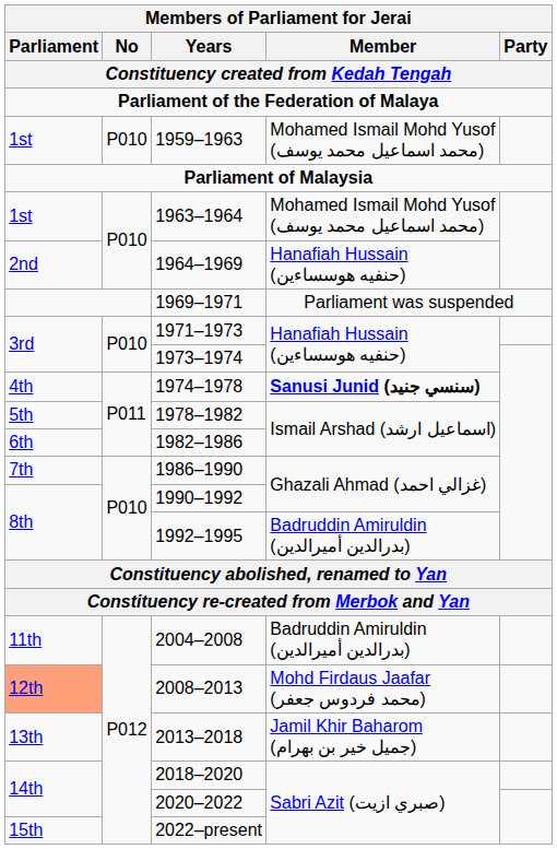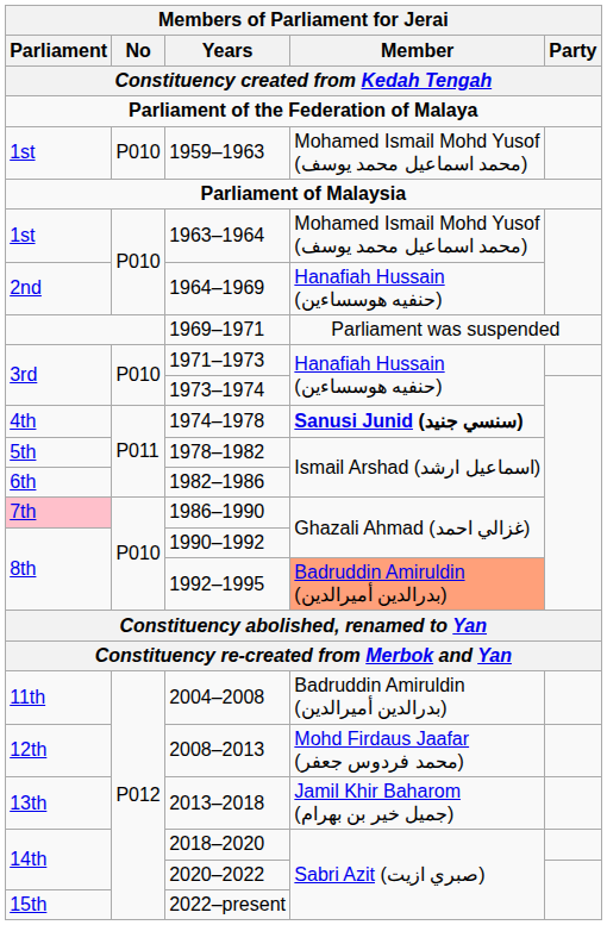 <table class=wikitable>
 <tr>
 <th colspan="5">Members of Parliament for Jerai</th>
 </tr>
 <tr>
 <th>Parliament</th>
 <th>No</th>
 <th>Years</th>
 <th>Member</th>
 <th>Party</th>
 </tr>
 <tr>
 <th colspan="5" align="center"><em>Constituency created from <a href='#'>Kedah Tengah</a></em></th>
 </tr>
 <tr>
 <td colspan="5" align="center"><strong>Parliament of the Federation of Malaya</strong></td>
 </tr>
 <tr>
 <td><a href='#'>1st</a></td>
 <td>P010</td>
 <td>1959–1963</td>
 <td>Mohamed Ismail Mohd Yusof <br>  (محمد اسماعيل محمد يوسف)</td>
 <td></td>
 </tr>
 <tr>
 <td colspan="5" align="center"><strong>Parliament of Malaysia</strong></td>
 </tr>
 <tr>
 <td><a href='#'>1st</a></td>
 <td rowspan="2">P010</td>
 <td>1963–1964</td>
 <td>Mohamed Ismail Mohd Yusof <br>  (محمد اسماعيل محمد يوسف)</td>
 <td rowspan=2></td>
 </tr>
 <tr>
 <td><a href='#'>2nd</a></td>
 <td>1964–1969</td>
 <td><a href='#'>Hanafiah Hussain</a> <br>  (حنفيه هوسساءين)</td>
 </tr>
 <tr>
 <td colspan="2"></td>
 <td>1969–1971</td>
 <td colspan=2 align=center>Parliament was suspended</td>
 </tr>
 <tr>
 <td rowspan=2><a href='#'>3rd</a></td>
 <td rowspan="2">P010</td>
 <td>1971–1973</td>
 <td rowspan=2><a href='#'>Hanafiah Hussain</a> <br>  (حنفيه هوسساءين)</td>
 <td></td>
 </tr>
 <tr>
 <td>1973–1974</td>
 <td rowspan=7></td>
 </tr>
 <tr>
 <td><a href='#'>4th</a></td>
 <td rowspan="3">P011</td>
 <td>1974–1978</td>
 <td><strong><a href='#'>Sanusi Junid</a>  (سنسي جنيد)</strong></td>
 </tr>
 <tr>
 <td><a href='#'>5th</a></td>
 <td>1978–1982</td>
 <td rowspan=2>Ismail Arshad (اسماعيل ارشد)</td>
 </tr>
 <tr>
 <td><a href='#'>6th</a></td>
 <td>1982–1986</td>
 </tr>
 <tr>
-<td><a href='#'>7th</a></td>
+<td style="background: pink;"><a href='#'>7th</a></td>
 <td rowspan="3">P010</td>
 <td>1986–1990</td>
 <td rowspan=2>Ghazali Ahmad (غزالي احمد)</td>
 </tr>
 <tr>
 <td rowspan=2><a href='#'>8th</a></td>
 <td>1990–1992</td>
 </tr>
 <tr>
 <td>1992–1995</td>
-<td><a href='#'>Badruddin Amiruldin</a> <br>  (بدرالدين أميرالدين)</td>
+<td style="background: lightsalmon;"><a href='#'>Badruddin Amiruldin</a> <br>  (بدرالدين أميرالدين)</td>
 </tr>
 <tr>
 <th colspan="5" align="center"><em>Constituency abolished, renamed to <a href='#'>Yan</a></em></th>
 </tr>
 <tr>
 <th colspan="5" align="center"><em>Constituency re-created from <a href='#'>Merbok</a> and <a href='#'>Yan</a></em></th>
 </tr>
 <tr>
 <td><a href='#'>11th</a></td>
 <td rowspan="6">P012</td>
 <td>2004–2008</td>
 <td>Badruddin Amiruldin <br>  (بدرالدين أميرالدين)</td>
 <td></td>
 </tr>
 <tr>
-<td style="background: lightsalmon;"><a href='#'>12th</a></td>
+<td><a href='#'>12th</a></td>
 <td>2008–2013</td>
 <td><a href='#'>Mohd Firdaus Jaafar</a> <br>  (محمد فردوس جعفر)</td>
 <td></td>
 </tr>
 <tr>
 <td><a href='#'>13th</a></td>
 <td>2013–2018</td>
 <td><a href='#'>Jamil Khir Baharom</a> <br>  (جميل خير بن بهرام)</td>
 <td></td>
 </tr>
 <tr>
 <td rowspan=2><a href='#'>14th</a></td>
 <td>2018–2020</td>
 <td rowspan=3><a href='#'>Sabri Azit</a> (صبري ازيت)</td>
 <td></td>
 </tr>
 <tr>
 <td>2020–2022</td>
 <td rowspan=2></td>
 </tr>
 <tr>
 <td rowspan="2"><a href='#'>15th</a></td>
 <td>2022–present</td>
 </tr>
 </table>
